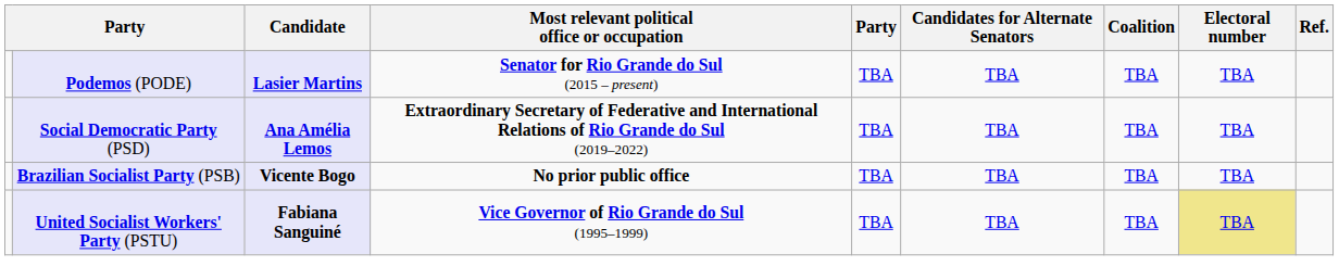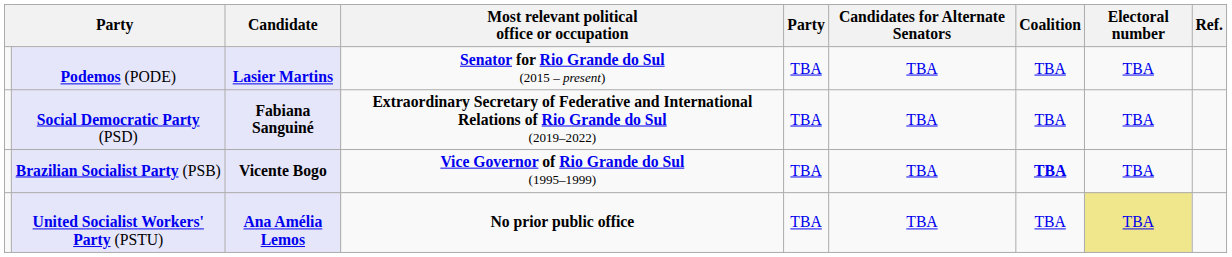 <table class="wikitable" style="text-align:center;">
 <tr>
 <th colspan="2">Party</th>
 <th>Candidate</th>
 <th>Most relevant political<br>office or occupation</th>
 <th>Party</th>
 <th>Candidates for Alternate Senators</th>
 <th>Coalition</th>
 <th>Electoral number</th>
 <th>Ref.</th>
 </tr>
 <tr>
 <td style="background-color:"></td>
 <td style="background:lavender;"><strong></strong><br><strong><a href='#'>Podemos</a></strong> (PODE)</td>
 <td style="background:lavender;"><strong><br><a href='#'>Lasier Martins</a></strong></td>
 <td><strong><a href='#'>Senator</a> for <a href='#'>Rio Grande do Sul</a></strong> <br><small>(2015 – <em>present</em>)</small></td>
 <td><a href='#'>TBA</a></td>
 <td><a href='#'>TBA</a></td>
 <td><a href='#'>TBA</a></td>
 <td><a href='#'>TBA</a></td>
 <td></td>
 </tr>
 <tr>
 <td style="background-color:"></td>
 <td style="background:lavender;"><br><strong><a href='#'>Social Democratic Party</a></strong> (PSD)</td>
-<td style="background:lavender;"><br><strong><a href='#'>Ana Amélia Lemos</a></strong></td>
+<td style="background:lavender;"><strong>Fabiana Sanguiné</strong></td>
 <td><strong>Extraordinary Secretary of Federative and International Relations of <a href='#'>Rio Grande do Sul</a></strong><br><small>(2019–2022)</small></td>
 <td><a href='#'>TBA</a></td>
 <td><a href='#'>TBA</a></td>
 <td><a href='#'>TBA</a></td>
 <td><a href='#'>TBA</a></td>
 <td></td>
 </tr>
 <tr>
 <td style="background-color:"></td>
 <td style="background:lavender;"><strong><a href='#'>Brazilian Socialist Party</a></strong> (PSB)</td>
 <td style="background:lavender;"><strong>Vicente Bogo</strong></td>
-<td><strong>No prior public office</strong></td>
+<td><strong><a href='#'>Vice Governor</a> of <a href='#'>Rio Grande do Sul</a></strong><br><small>(1995–1999)</small></td>
 <td><a href='#'>TBA</a></td>
 <td><a href='#'>TBA</a></td>
-<td><a href='#'>TBA</a></td>
+<td><strong><a href='#'>TBA</a></strong></td>
 <td><a href='#'>TBA</a></td>
 <td></td>
 </tr>
 <tr>
 <td style="background-color:"></td>
 <td style="background:lavender;"><br><strong><a href='#'>United Socialist Workers' Party</a></strong> (PSTU)</td>
-<td style="background:lavender;"><strong>Fabiana Sanguiné</strong></td>
-<td><strong><a href='#'>Vice Governor</a> of <a href='#'>Rio Grande do Sul</a></strong><br><small>(1995–1999)</small></td>
+<td style="background:lavender;"><br><strong><a href='#'>Ana Amélia Lemos</a></strong></td>
+<td><strong>No prior public office</strong></td>
 <td><a href='#'>TBA</a></td>
 <td><a href='#'>TBA</a></td>
 <td><a href='#'>TBA</a></td>
 <td style="background: khaki;"><a href='#'>TBA</a></td>
 <td></td>
 </tr>
 </table>
